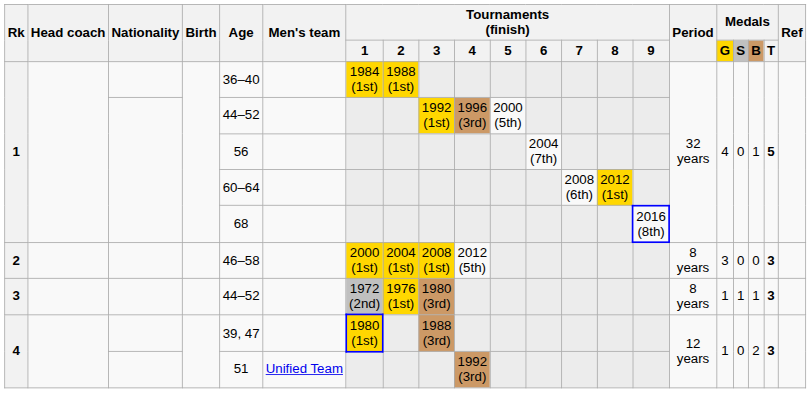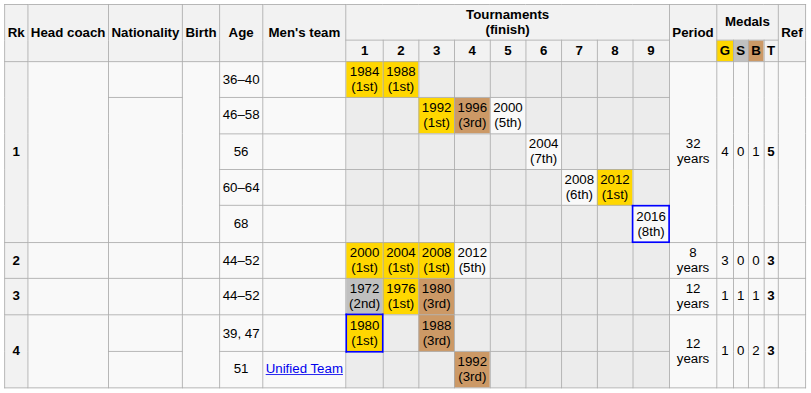 <table class="wikitable sortable sticky-table-head sticky-table-col1" style="text-align: center; font-size: 100%; margin-left: 1em;">
 <tr>
 <th scope="col" rowspan="2">Rk</th>
 <th scope="col" rowspan="2">Head coach</th>
 <th scope="col" rowspan="2">Nationality</th>
 <th scope="col" rowspan="2">Birth</th>
 <th scope="col" rowspan="2">Age</th>
 <th scope="col" rowspan="2">Men's team</th>
 <th scope="colgroup" colspan="9">Tournaments<br>(finish)</th>
 <th scope="col" rowspan="2">Period</th>
 <th scope="colgroup" colspan="4">Medals</th>
 <th scope="col" rowspan="2" class="unsortable">Ref</th>
 </tr>
 <tr>
 <th scope="col">1</th>
 <th scope="col" class="unsortable">2</th>
 <th scope="col" class="unsortable">3</th>
 <th scope="col" class="unsortable">4</th>
 <th scope="col" class="unsortable">5</th>
 <th scope="col" class="unsortable">6</th>
 <th scope="col" class="unsortable">7</th>
 <th scope="col" class="unsortable">8</th>
 <th scope="col" class="unsortable">9</th>
 <th scope="col" style="background-color: gold;">G</th>
 <th scope="col" style="background-color: silver;">S</th>
 <th scope="col" style="background-color: #cc9966;">B</th>
 <th scope="col">T</th>
 </tr>
 <tr>
 <th scope="rowgroup" rowspan="5">1</th>
 <td rowspan="5" style="text-align: left;"></td>
 <td style="text-align: left;"></td>
 <td rowspan="5"></td>
 <td>36–40</td>
 <td style="text-align: left;"></td>
 <td style="background-color: gold;">1984<br>(1st)</td>
 <td style="background-color: gold;">1988<br>(1st)</td>
 <td style="background-color: #ececec;"></td>
 <td style="background-color: #ececec;"></td>
 <td style="background-color: #ececec;"></td>
 <td style="background-color: #ececec;"></td>
 <td style="background-color: #ececec;"></td>
 <td style="background-color: #ececec;"></td>
 <td style="background-color: #ececec;"></td>
 <td rowspan="5">32<br>years</td>
 <td rowspan="5">4</td>
 <td rowspan="5">0</td>
 <td rowspan="5">1</td>
 <td rowspan="5"><strong>5</strong></td>
 <td rowspan="5"><br><br></td>
 </tr>
 <tr class="expand-child">
 <td class="sticky-table-none" rowspan="4" style="text-align: left;"></td>
-<td>44–52</td>
+<td>46–58</td>
 <td style="text-align: left;"></td>
 <td style="background-color: #ececec;"></td>
 <td style="background-color: #ececec;"></td>
 <td style="background-color: gold;">1992<br>(1st)</td>
 <td style="background-color: #cc9966;">1996<br>(3rd)</td>
 <td>2000<br>(5th)</td>
 <td style="background-color: #ececec;"></td>
 <td style="background-color: #ececec;"></td>
 <td style="background-color: #ececec;"></td>
 <td style="background-color: #ececec;"></td>
 </tr>
 <tr class="expand-child">
 <td class="sticky-table-none">56</td>
 <td style="text-align: left;"></td>
 <td style="background-color: #ececec;"></td>
 <td style="background-color: #ececec;"></td>
 <td style="background-color: #ececec;"></td>
 <td style="background-color: #ececec;"></td>
 <td style="background-color: #ececec;"></td>
 <td>2004<br>(7th)</td>
 <td style="background-color: #ececec;"></td>
 <td style="background-color: #ececec;"></td>
 <td style="background-color: #ececec;"></td>
 </tr>
 <tr class="expand-child">
 <td class="sticky-table-none">60–64</td>
 <td style="text-align: left;"></td>
 <td style="background-color: #ececec;"></td>
 <td style="background-color: #ececec;"></td>
 <td style="background-color: #ececec;"></td>
 <td style="background-color: #ececec;"></td>
 <td style="background-color: #ececec;"></td>
 <td style="background-color: #ececec;"></td>
 <td>2008<br>(6th)</td>
 <td style="background-color: gold;">2012<br>(1st)</td>
 <td style="background-color: #ececec;"></td>
 </tr>
 <tr class="expand-child">
 <td class="sticky-table-none">68</td>
 <td style="text-align: left;"></td>
 <td style="background-color: #ececec;"></td>
 <td style="background-color: #ececec;"></td>
 <td style="background-color: #ececec;"></td>
 <td style="background-color: #ececec;"></td>
 <td style="background-color: #ececec;"></td>
 <td style="background-color: #ececec;"></td>
 <td style="background-color: #ececec;"></td>
 <td style="background-color: #ececec;"></td>
 <td style="border: 2px solid blue;">2016<br>(8th)</td>
 </tr>
 <tr>
 <th scope="row">2</th>
 <td style="text-align: left;"></td>
 <td style="text-align: left;"></td>
 <td></td>
-<td>46–58</td>
+<td>44–52</td>
 <td style="text-align: left;"></td>
 <td style="background-color: gold;">2000<br>(1st)</td>
 <td style="background-color: gold;">2004<br>(1st)</td>
 <td style="background-color: gold;">2008<br>(1st)</td>
 <td>2012<br>(5th)</td>
 <td style="background-color: #ececec;"></td>
 <td style="background-color: #ececec;"></td>
 <td style="background-color: #ececec;"></td>
 <td style="background-color: #ececec;"></td>
 <td style="background-color: #ececec;"></td>
 <td>8<br>years</td>
 <td>3</td>
 <td>0</td>
 <td>0</td>
 <td><strong>3</strong></td>
 <td></td>
 </tr>
 <tr>
 <th scope="row">3</th>
 <td style="text-align: left;"></td>
 <td style="text-align: left;"></td>
 <td></td>
 <td>44–52</td>
 <td style="text-align: left;"></td>
 <td style="background-color: silver;">1972<br>(2nd)</td>
 <td style="background-color: gold;">1976<br>(1st)</td>
 <td style="background-color: #cc9966;">1980<br>(3rd)</td>
 <td style="background-color: #ececec;"></td>
 <td style="background-color: #ececec;"></td>
 <td style="background-color: #ececec;"></td>
 <td style="background-color: #ececec;"></td>
 <td style="background-color: #ececec;"></td>
 <td style="background-color: #ececec;"></td>
-<td>8<br>years</td>
+<td>12<br>years</td>
 <td>1</td>
 <td>1</td>
 <td>1</td>
 <td><strong>3</strong></td>
 <td><br></td>
 </tr>
 <tr>
 <th scope="rowgroup" rowspan="2">4</th>
 <td rowspan="2" style="text-align: left;"></td>
 <td style="text-align: left;"></td>
 <td rowspan="2"></td>
 <td>39, 47</td>
 <td style="text-align: left;"></td>
 <td style="border: 2px solid blue; background-color: gold;">1980<br>(1st)</td>
 <td style="background-color: #ececec;"></td>
 <td style="background-color: #cc9966;">1988<br>(3rd)</td>
 <td style="background-color: #ececec;"></td>
 <td style="background-color: #ececec;"></td>
 <td style="background-color: #ececec;"></td>
 <td style="background-color: #ececec;"></td>
 <td style="background-color: #ececec;"></td>
 <td style="background-color: #ececec;"></td>
 <td rowspan="2">12<br>years</td>
 <td rowspan="2">1</td>
 <td rowspan="2">0</td>
 <td rowspan="2">2</td>
 <td rowspan="2"><strong>3</strong></td>
 <td rowspan="2"><br></td>
 </tr>
 <tr class="expand-child">
 <td class="sticky-table-none" style="text-align: left;"></td>
 <td>51</td>
 <td style="text-align: left;"> <a href='#'>Unified Team</a></td>
 <td style="background-color: #ececec;"></td>
 <td style="background-color: #ececec;"></td>
 <td style="background-color: #ececec;"></td>
 <td style="background-color: #cc9966;">1992<br>(3rd)</td>
 <td style="background-color: #ececec;"></td>
 <td style="background-color: #ececec;"></td>
 <td style="background-color: #ececec;"></td>
 <td style="background-color: #ececec;"></td>
 <td style="background-color: #ececec;"></td>
 </tr>
 </table>
